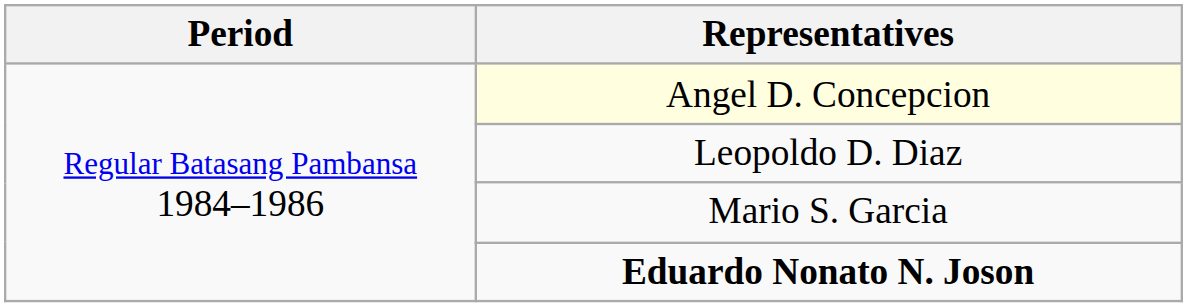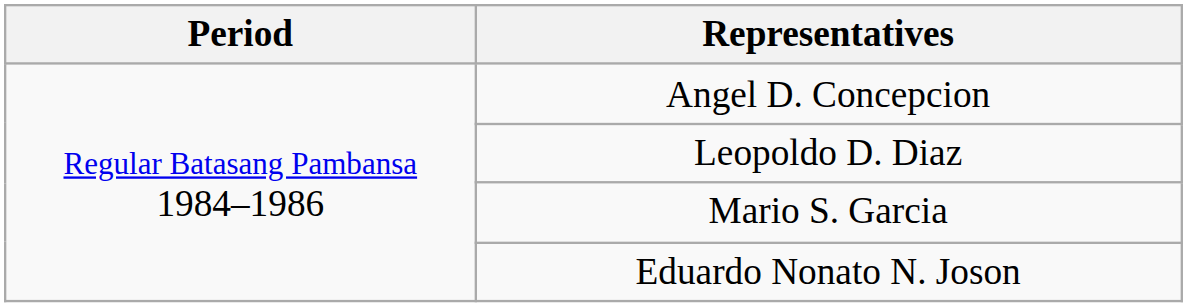 <table class="wikitable" style="text-align:center; width:40%;">
 <tr>
 <th width="40%">Period</th>
 <th>Representatives</th>
 </tr>
 <tr>
 <td rowspan="4"><small><a href='#'>Regular Batasang Pambansa</a></small><br>1984–1986</td>
-<td style="background: lightyellow;">Angel D. Concepcion</td>
+<td>Angel D. Concepcion</td>
 </tr>
 <tr>
 <td>Leopoldo D. Diaz</td>
 </tr>
 <tr>
 <td>Mario S. Garcia</td>
 </tr>
 <tr>
-<td><strong>Eduardo Nonato N. Joson</strong></td>
+<td>Eduardo Nonato N. Joson</td>
 </tr>
 </table>
